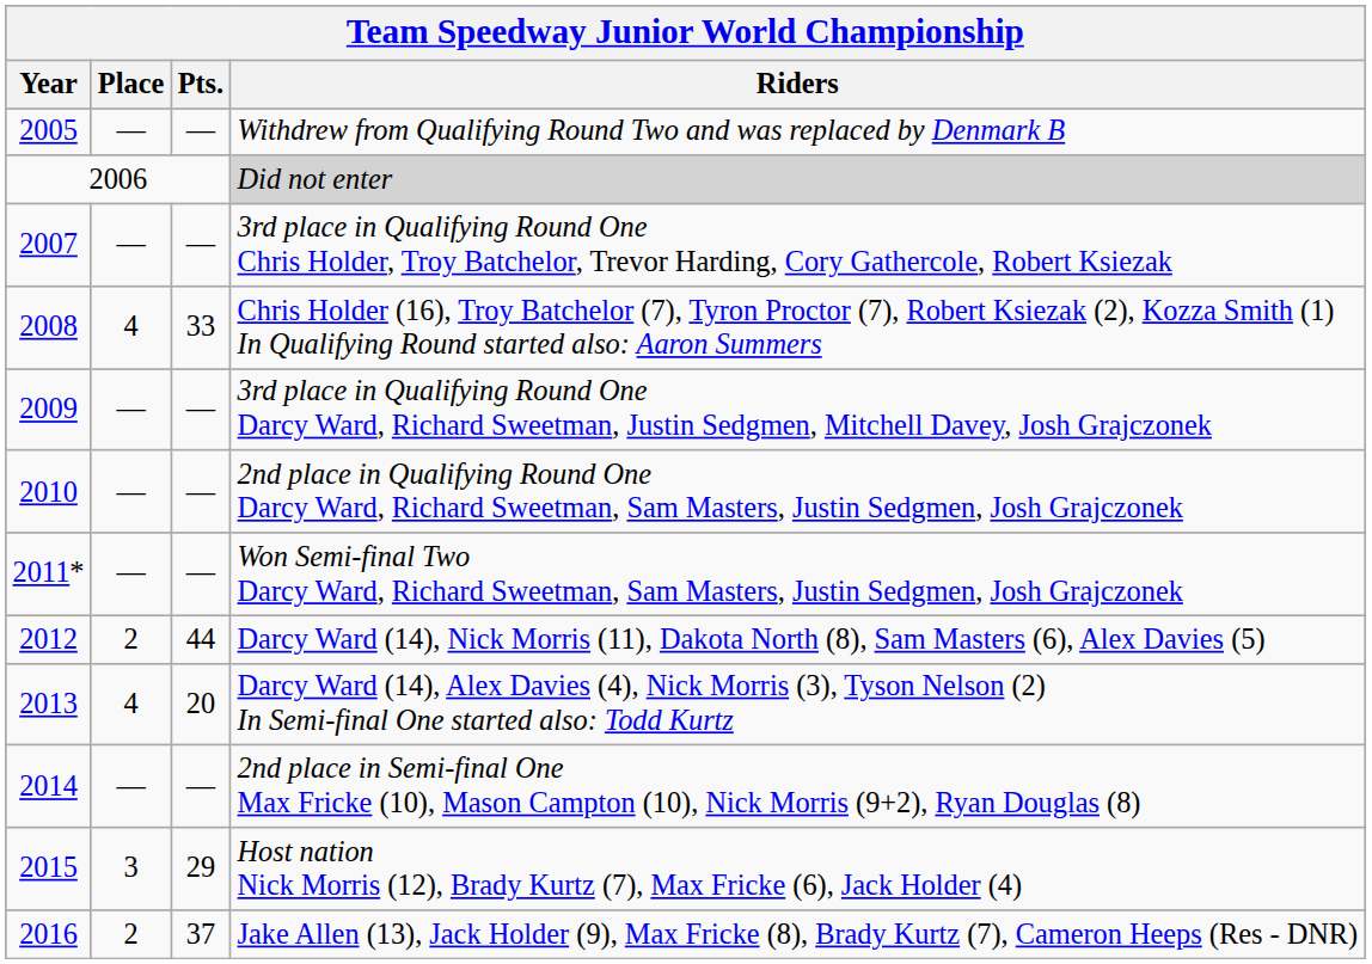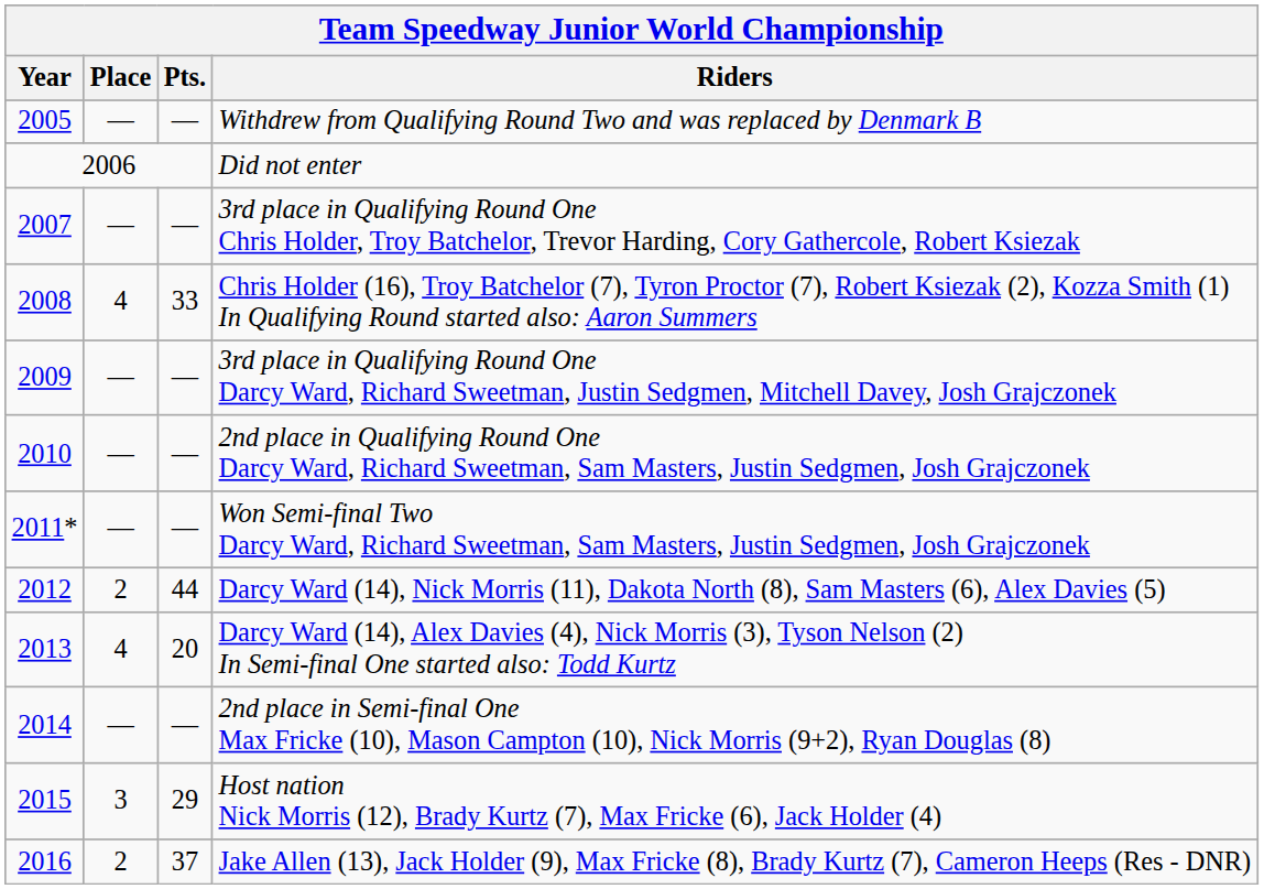 <table class=wikitable style="font-size: 90%;">
 <tr>
 <th colspan=4><big><a href='#'>Team Speedway Junior World Championship</a></big></th>
 </tr>
 <tr>
 <th>Year</th>
 <th>Place</th>
 <th>Pts.</th>
 <th>Riders</th>
 </tr>
 <tr align=center >
 <td><a href='#'>2005</a></td>
 <td>—</td>
 <td>—</td>
 <td align=left><em>Withdrew from Qualifying Round Two and was replaced by <a href='#'>Denmark B</a></em></td>
 </tr>
 <tr align=center >
 <td colspan=3>2006</td>
-<td align=left style="background: lightgrey;"><em>Did not enter</em></td>
+<td align=left><em>Did not enter</em></td>
 </tr>
 <tr align=center >
 <td><a href='#'>2007</a></td>
 <td>—</td>
 <td>—</td>
 <td align=left><em>3rd place in Qualifying Round One</em> <br> <a href='#'>Chris Holder</a>, <a href='#'>Troy Batchelor</a>, Trevor Harding, <a href='#'>Cory Gathercole</a>, <a href='#'>Robert Ksiezak</a></td>
 </tr>
 <tr align=center>
 <td><a href='#'>2008</a></td>
 <td>4</td>
 <td>33</td>
 <td align=left><a href='#'>Chris Holder</a> (16), <a href='#'>Troy Batchelor</a> (7), <a href='#'>Tyron Proctor</a> (7), <a href='#'>Robert Ksiezak</a> (2), <a href='#'>Kozza Smith</a> (1) <br><em>In Qualifying Round started also: <a href='#'>Aaron Summers</a></em></td>
 </tr>
 <tr align=center >
 <td><a href='#'>2009</a></td>
 <td>—</td>
 <td>—</td>
 <td align=left><em>3rd place in Qualifying Round One</em> <br> <a href='#'>Darcy Ward</a>, <a href='#'>Richard Sweetman</a>, <a href='#'>Justin Sedgmen</a>, <a href='#'>Mitchell Davey</a>, <a href='#'>Josh Grajczonek</a></td>
 </tr>
 <tr align=center >
 <td><a href='#'>2010</a></td>
 <td>—</td>
 <td>—</td>
 <td align=left><em>2nd place in Qualifying Round One</em> <br> <a href='#'>Darcy Ward</a>, <a href='#'>Richard Sweetman</a>, <a href='#'>Sam Masters</a>, <a href='#'>Justin Sedgmen</a>, <a href='#'>Josh Grajczonek</a></td>
 </tr>
 <tr align=center >
 <td><a href='#'>2011</a>*</td>
 <td>—</td>
 <td>—</td>
 <td align=left><em>Won Semi-final Two</em> <br> <a href='#'>Darcy Ward</a>, <a href='#'>Richard Sweetman</a>, <a href='#'>Sam Masters</a>, <a href='#'>Justin Sedgmen</a>, <a href='#'>Josh Grajczonek</a></td>
 </tr>
 <tr align=center>
 <td><a href='#'>2012</a></td>
 <td>2</td>
 <td>44</td>
 <td align=left><a href='#'>Darcy Ward</a> (14), <a href='#'>Nick Morris</a> (11), <a href='#'>Dakota North</a> (8), <a href='#'>Sam Masters</a> (6), <a href='#'>Alex Davies</a> (5)</td>
 </tr>
 <tr align=center>
 <td><a href='#'>2013</a></td>
 <td>4</td>
 <td>20</td>
 <td align=left><a href='#'>Darcy Ward</a> (14), <a href='#'>Alex Davies</a> (4), <a href='#'>Nick Morris</a> (3), <a href='#'>Tyson Nelson</a> (2) <br> <em>In Semi-final One started also: <a href='#'>Todd Kurtz</a></em></td>
 </tr>
 <tr align=center>
 <td><a href='#'>2014</a></td>
 <td>—</td>
 <td>—</td>
 <td align=left><em>2nd place in Semi-final One</em> <br> <a href='#'>Max Fricke</a> (10), <a href='#'>Mason Campton</a> (10), <a href='#'>Nick Morris</a> (9+2), <a href='#'>Ryan Douglas</a> (8)</td>
 </tr>
 <tr align=center>
 <td><a href='#'>2015</a></td>
 <td>3</td>
 <td>29</td>
 <td align=left><em>Host nation</em> <br> <a href='#'>Nick Morris</a> (12), <a href='#'>Brady Kurtz</a> (7), <a href='#'>Max Fricke</a> (6), <a href='#'>Jack Holder</a> (4)</td>
 </tr>
 <tr align=center>
 <td><a href='#'>2016</a></td>
 <td>2</td>
 <td>37</td>
 <td align=left><a href='#'>Jake Allen</a> (13), <a href='#'>Jack Holder</a> (9), <a href='#'>Max Fricke</a> (8), <a href='#'>Brady Kurtz</a> (7), <a href='#'>Cameron Heeps</a> (Res - DNR)</td>
 </tr>
 </table>
